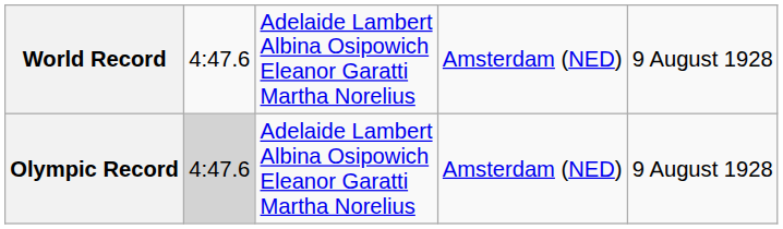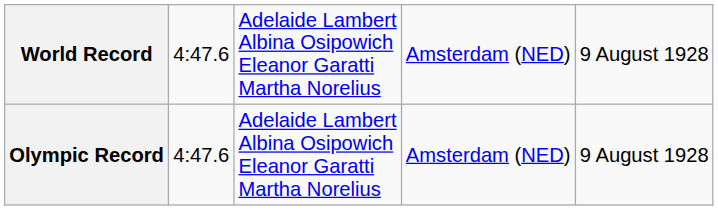 <table class="wikitable" style="text-align:left">
 <tr>
 <th>World Record</th>
 <td>4:47.6</td>
 <td> <a href='#'>Adelaide Lambert</a><br> <a href='#'>Albina Osipowich</a><br> <a href='#'>Eleanor Garatti</a><br> <a href='#'>Martha Norelius</a></td>
 <td><a href='#'>Amsterdam</a> (<a href='#'>NED</a>)</td>
 <td>9 August 1928</td>
 </tr>
 <tr>
 <th>Olympic Record</th>
-<td style="background: lightgrey;">4:47.6</td>
+<td>4:47.6</td>
 <td> <a href='#'>Adelaide Lambert</a><br> <a href='#'>Albina Osipowich</a><br> <a href='#'>Eleanor Garatti</a><br> <a href='#'>Martha Norelius</a></td>
 <td><a href='#'>Amsterdam</a> (<a href='#'>NED</a>)</td>
 <td>9 August 1928</td>
 </tr>
 </table>
